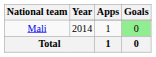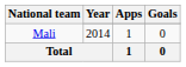 <table class="wikitable" style="text-align:center">
 <tr>
 <th>National team</th>
 <th>Year</th>
 <th>Apps</th>
 <th>Goals</th>
 </tr>
 <tr>
 <td rowspan="2"><a href='#'>Mali</a></td>
 </tr>
 <tr>
 <td>2014</td>
 <td>1</td>
-<td style="background: lightgreen;">0</td>
+<td>0</td>
 </tr>
 <tr>
 <th colspan=2>Total</th>
 <th>1</th>
 <th>0</th>
 </tr>
 </table>
